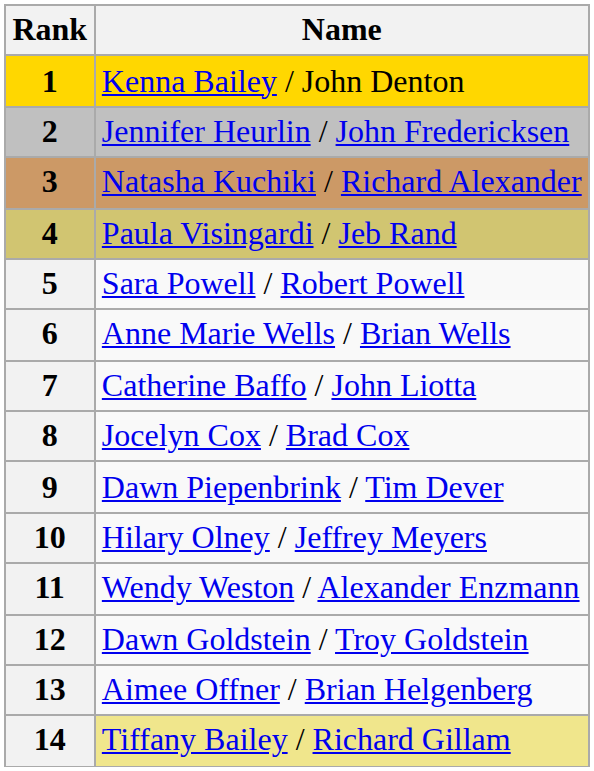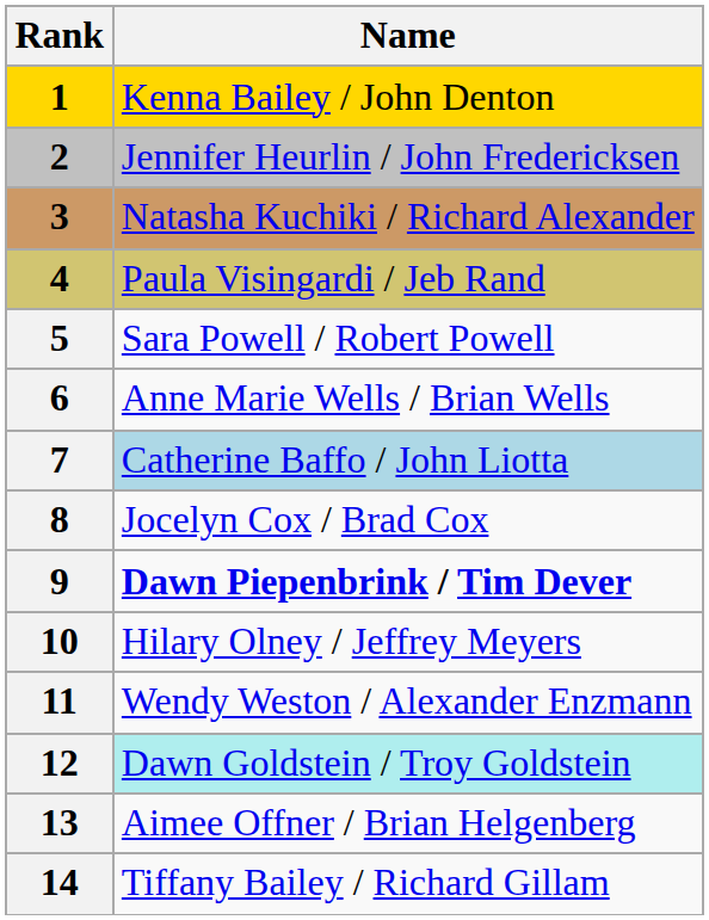 <table class="wikitable">
 <tr>
 <th>Rank</th>
 <th>Name</th>
 </tr>
 <tr bgcolor="gold">
 <td align="center"><strong>1</strong></td>
 <td><a href='#'>Kenna Bailey</a> / John Denton</td>
 </tr>
 <tr bgcolor="silver">
 <td align="center"><strong>2</strong></td>
 <td><a href='#'>Jennifer Heurlin</a> / <a href='#'>John Fredericksen</a></td>
 </tr>
 <tr bgcolor="cc9966">
 <td align="center"><strong>3</strong></td>
 <td><a href='#'>Natasha Kuchiki</a> / <a href='#'>Richard Alexander</a></td>
 </tr>
 <tr bgcolor="#d1c571">
 <td align="center"><strong>4</strong></td>
 <td><a href='#'>Paula Visingardi</a> / <a href='#'>Jeb Rand</a></td>
 </tr>
 <tr>
 <th>5</th>
 <td><a href='#'>Sara Powell</a> / <a href='#'>Robert Powell</a></td>
 </tr>
 <tr>
 <th>6</th>
 <td><a href='#'>Anne Marie Wells</a> / <a href='#'>Brian Wells</a></td>
 </tr>
 <tr>
 <th>7</th>
-<td><a href='#'>Catherine Baffo</a> / <a href='#'>John Liotta</a></td>
+<td style="background: lightblue;"><a href='#'>Catherine Baffo</a> / <a href='#'>John Liotta</a></td>
 </tr>
 <tr>
 <th>8</th>
 <td><a href='#'>Jocelyn Cox</a> / <a href='#'>Brad Cox</a></td>
 </tr>
 <tr>
 <th>9</th>
-<td><a href='#'>Dawn Piepenbrink</a> / <a href='#'>Tim Dever</a></td>
+<td><strong><a href='#'>Dawn Piepenbrink</a> / <a href='#'>Tim Dever</a></strong></td>
 </tr>
 <tr>
 <th>10</th>
 <td><a href='#'>Hilary Olney</a> / <a href='#'>Jeffrey Meyers</a></td>
 </tr>
 <tr>
 <th>11</th>
 <td><a href='#'>Wendy Weston</a> / <a href='#'>Alexander Enzmann</a></td>
 </tr>
 <tr>
 <th>12</th>
-<td><a href='#'>Dawn Goldstein</a> / <a href='#'>Troy Goldstein</a></td>
+<td style="background: paleturquoise;"><a href='#'>Dawn Goldstein</a> / <a href='#'>Troy Goldstein</a></td>
 </tr>
 <tr>
 <th>13</th>
 <td><a href='#'>Aimee Offner</a> / <a href='#'>Brian Helgenberg</a></td>
 </tr>
 <tr>
 <th>14</th>
-<td style="background: khaki;"><a href='#'>Tiffany Bailey</a> / <a href='#'>Richard Gillam</a></td>
+<td><a href='#'>Tiffany Bailey</a> / <a href='#'>Richard Gillam</a></td>
 </tr>
 </table>
